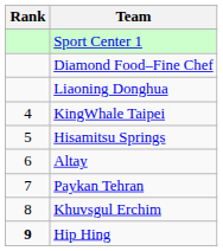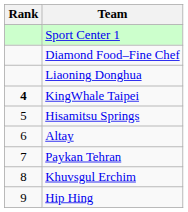 <table class="wikitable" style="text-align:center">
 <tr>
 <th width=40>Rank</th>
 <th>Team</th>
 </tr>
 <tr bgcolor=#ccffcc>
 <td></td>
 <td style="text-align:left"> <a href='#'>Sport Center 1</a></td>
 </tr>
 <tr>
 <td></td>
 <td style="text-align:left"> <a href='#'>Diamond Food–Fine Chef</a></td>
 </tr>
 <tr>
 <td></td>
 <td style="text-align:left"> <a href='#'>Liaoning Donghua</a></td>
 </tr>
 <tr>
-<td>4</td>
+<td><strong>4</strong></td>
 <td style="text-align:left"> <a href='#'>KingWhale Taipei</a></td>
 </tr>
 <tr>
 <td>5</td>
 <td style="text-align:left"> <a href='#'>Hisamitsu Springs</a></td>
 </tr>
 <tr>
 <td>6</td>
 <td style="text-align:left"> <a href='#'>Altay</a></td>
 </tr>
 <tr>
 <td>7</td>
 <td style="text-align:left"> <a href='#'>Paykan Tehran</a></td>
 </tr>
 <tr>
 <td>8</td>
 <td style="text-align:left"> <a href='#'>Khuvsgul Erchim</a></td>
 </tr>
 <tr>
-<td><strong>9</strong></td>
+<td>9</td>
 <td style="text-align:left"> <a href='#'>Hip Hing</a></td>
 </tr>
 </table>
